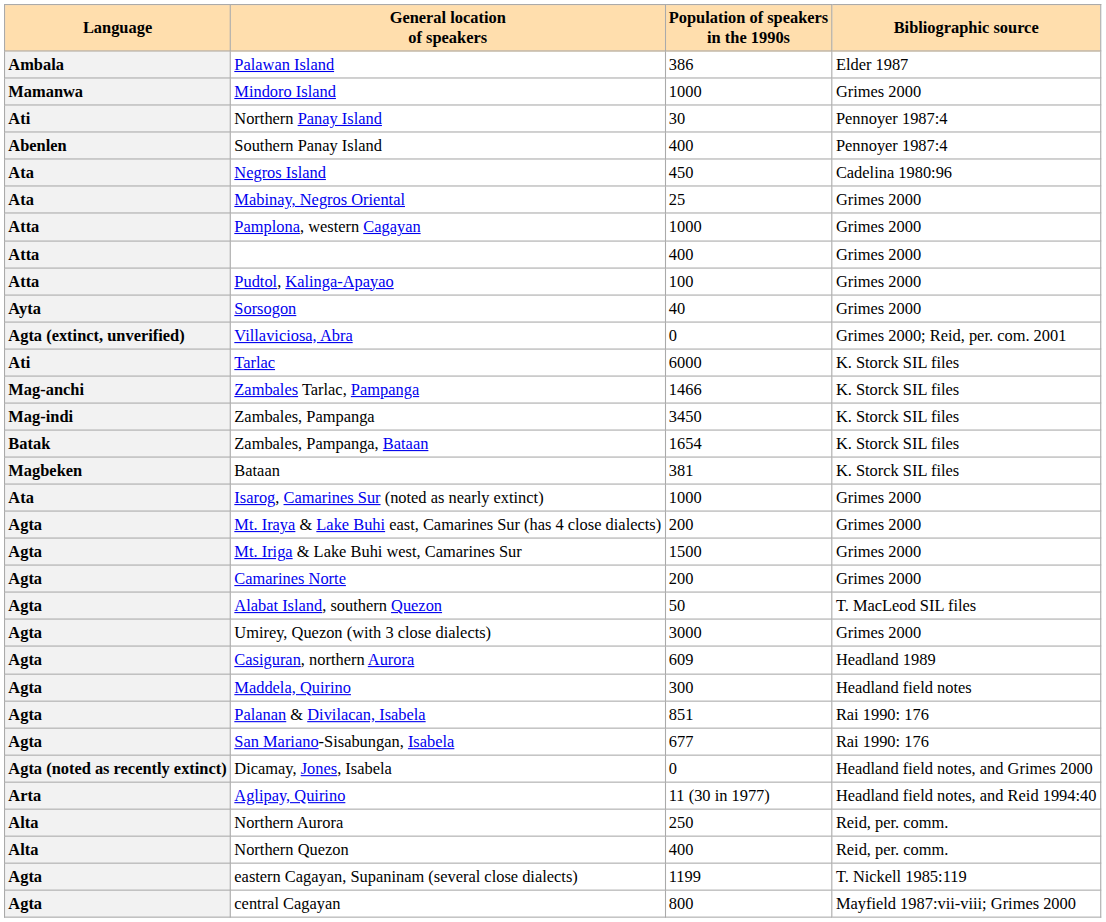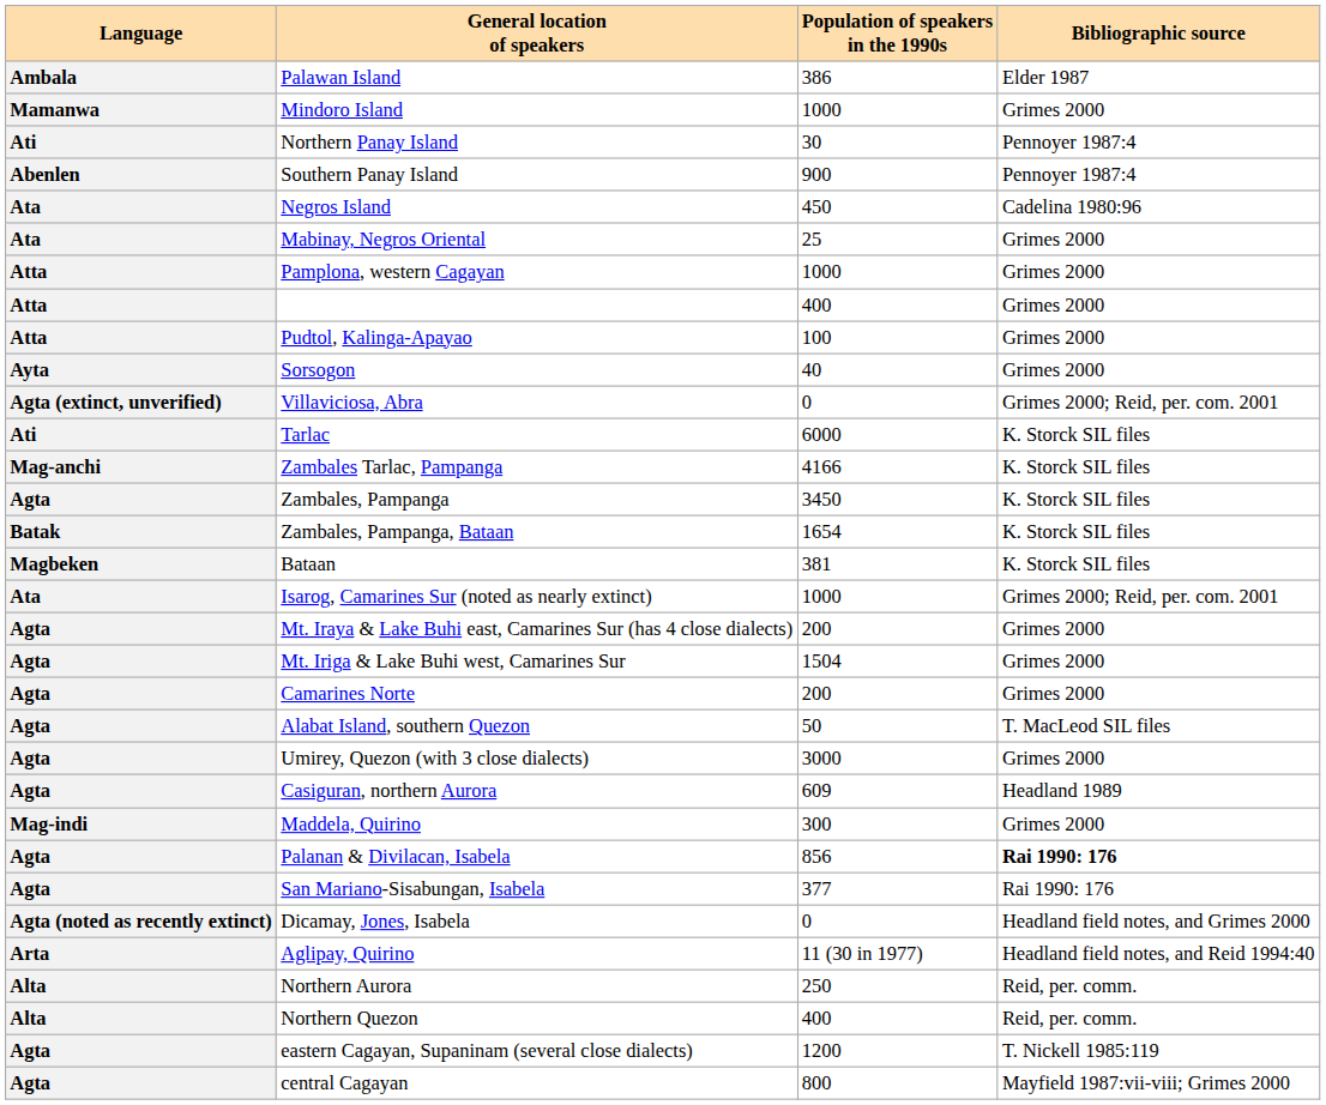 <table class="wikitable" style="font-size:95%;background-color:white;">
 <tr style="background-color:#ffdead;">
 <th scope="col" style="background-color:initial;">Language</th>
 <th scope="col" style="background-color:initial;">General location<br>of speakers</th>
 <th scope="col" style="background-color:initial;">Population of speakers<br>in the 1990s</th>
 <th scope="col" style="background-color:initial;">Bibliographic source</th>
 </tr>
 <tr>
 <th scope="row" style="text-align:left;">Ambala</th>
 <td><a href='#'>Palawan Island</a></td>
 <td>386</td>
 <td>Elder 1987</td>
 </tr>
 <tr>
 <th scope="row" style="text-align:left;">Mamanwa</th>
 <td><a href='#'>Mindoro Island</a></td>
 <td>1000</td>
 <td>Grimes 2000</td>
 </tr>
 <tr>
 <th scope="row" style="text-align:left;">Ati</th>
 <td>Northern <a href='#'>Panay Island</a></td>
 <td>30</td>
 <td>Pennoyer 1987:4</td>
 </tr>
 <tr>
 <th scope="row" style="text-align:left;">Abenlen</th>
 <td>Southern Panay Island</td>
-<td>400</td>
+<td>900</td>
 <td>Pennoyer 1987:4</td>
 </tr>
 <tr>
 <th scope="row" style="text-align:left;">Ata</th>
 <td><a href='#'>Negros Island</a></td>
 <td>450</td>
 <td>Cadelina 1980:96</td>
 </tr>
 <tr>
 <th scope="row" style="text-align:left;">Ata</th>
 <td><a href='#'>Mabinay, Negros Oriental</a></td>
 <td>25</td>
 <td>Grimes 2000</td>
 </tr>
 <tr>
 <th scope="row" style="text-align:left;">Atta</th>
 <td><a href='#'>Pamplona</a>, western <a href='#'>Cagayan</a></td>
 <td>1000</td>
 <td>Grimes 2000</td>
 </tr>
 <tr>
 <th scope="row" style="text-align:left;">Atta</th>
 <td></td>
 <td>400</td>
 <td>Grimes 2000</td>
 </tr>
 <tr>
 <th scope="row" style="text-align:left;">Atta</th>
 <td><a href='#'>Pudtol</a>, <a href='#'>Kalinga-Apayao</a></td>
 <td>100</td>
 <td>Grimes 2000</td>
 </tr>
 <tr>
 <th scope="row" style="text-align:left;">Ayta</th>
 <td><a href='#'>Sorsogon</a></td>
 <td>40</td>
 <td>Grimes 2000</td>
 </tr>
 <tr>
 <th scope="row" style="text-align:left;">Agta (extinct, unverified)</th>
 <td><a href='#'>Villaviciosa, Abra</a></td>
 <td>0</td>
 <td>Grimes 2000; Reid, per. com. 2001</td>
 </tr>
 <tr>
 <th scope="row" style="text-align:left;">Ati</th>
 <td><a href='#'>Tarlac</a></td>
 <td>6000</td>
 <td>K. Storck SIL files</td>
 </tr>
 <tr>
 <th scope="row" style="text-align:left;">Mag-anchi</th>
 <td><a href='#'>Zambales</a> Tarlac, <a href='#'>Pampanga</a></td>
-<td>1466</td>
+<td>4166</td>
 <td>K. Storck SIL files</td>
 </tr>
 <tr>
-<th scope="row" style="text-align:left;">Mag-indi</th>
+<th scope="row" style="text-align:left;">Agta</th>
 <td>Zambales, Pampanga</td>
 <td>3450</td>
 <td>K. Storck SIL files</td>
 </tr>
 <tr>
 <th scope="row" style="text-align:left;">Batak</th>
 <td>Zambales, Pampanga, <a href='#'>Bataan</a></td>
 <td>1654</td>
 <td>K. Storck SIL files</td>
 </tr>
 <tr>
 <th scope="row" style="text-align:left;">Magbeken</th>
 <td>Bataan</td>
 <td>381</td>
 <td>K. Storck SIL files</td>
 </tr>
 <tr>
 <th scope="row" style="text-align:left;">Ata</th>
 <td><a href='#'>Isarog</a>, <a href='#'>Camarines Sur</a> (noted as nearly extinct)</td>
 <td>1000</td>
-<td>Grimes 2000</td>
+<td>Grimes 2000; Reid, per. com. 2001</td>
 </tr>
 <tr>
 <th scope="row" style="text-align:left;">Agta</th>
 <td><a href='#'>Mt. Iraya</a> & <a href='#'>Lake Buhi</a> east, Camarines Sur (has 4 close dialects)</td>
 <td>200</td>
 <td>Grimes 2000</td>
 </tr>
 <tr>
 <th scope="row" style="text-align:left;">Agta</th>
 <td><a href='#'>Mt. Iriga</a> & Lake Buhi west, Camarines Sur</td>
-<td>1500</td>
+<td>1504</td>
 <td>Grimes 2000</td>
 </tr>
 <tr>
 <th scope="row" style="text-align:left;">Agta</th>
 <td><a href='#'>Camarines Norte</a></td>
 <td>200</td>
 <td>Grimes 2000</td>
 </tr>
 <tr>
 <th scope="row" style="text-align:left;">Agta</th>
 <td><a href='#'>Alabat Island</a>, southern <a href='#'>Quezon</a></td>
 <td>50</td>
 <td>T. MacLeod SIL files</td>
 </tr>
 <tr>
 <th scope="row" style="text-align:left;">Agta</th>
 <td>Umirey, Quezon (with 3 close dialects)</td>
 <td>3000</td>
 <td>Grimes 2000</td>
 </tr>
 <tr>
 <th scope="row" style="text-align:left;">Agta</th>
 <td><a href='#'>Casiguran</a>, northern <a href='#'>Aurora</a></td>
 <td>609</td>
 <td>Headland 1989</td>
 </tr>
 <tr>
-<th scope="row" style="text-align:left;">Agta</th>
+<th scope="row" style="text-align:left;">Mag-indi</th>
 <td><a href='#'>Maddela, Quirino</a></td>
 <td>300</td>
-<td>Headland field notes</td>
+<td>Grimes 2000</td>
 </tr>
 <tr>
 <th scope="row" style="text-align:left;">Agta</th>
 <td><a href='#'>Palanan</a> & <a href='#'>Divilacan, Isabela</a></td>
-<td>851</td>
-<td>Rai 1990: 176</td>
+<td>856</td>
+<td><strong>Rai 1990: 176</strong></td>
 </tr>
 <tr>
 <th scope="row" style="text-align:left;">Agta</th>
 <td><a href='#'>San Mariano</a>-Sisabungan, <a href='#'>Isabela</a></td>
-<td>677</td>
+<td>377</td>
 <td>Rai 1990: 176</td>
 </tr>
 <tr>
 <th scope="row" style="text-align:left;">Agta (noted as recently extinct)</th>
 <td>Dicamay, <a href='#'>Jones</a>, Isabela</td>
 <td>0</td>
 <td>Headland field notes, and Grimes 2000</td>
 </tr>
 <tr>
 <th scope="row" style="text-align:left;">Arta</th>
 <td><a href='#'>Aglipay, Quirino</a></td>
 <td>11 (30 in 1977)</td>
 <td>Headland field notes, and Reid 1994:40</td>
 </tr>
 <tr>
 <th scope="row" style="text-align:left;">Alta</th>
 <td>Northern Aurora</td>
 <td>250</td>
 <td>Reid, per. comm.</td>
 </tr>
 <tr>
 <th scope="row" style="text-align:left;">Alta</th>
 <td>Northern Quezon</td>
 <td>400</td>
 <td>Reid, per. comm.</td>
 </tr>
 <tr>
 <th scope="row" style="text-align:left;">Agta</th>
 <td>eastern Cagayan, Supaninam (several close dialects)</td>
-<td>1199</td>
+<td>1200</td>
 <td>T. Nickell 1985:119</td>
 </tr>
 <tr>
 <th scope="row" style="text-align:left;">Agta</th>
 <td>central Cagayan</td>
 <td>800</td>
 <td>Mayfield 1987:vii-viii; Grimes 2000</td>
 </tr>
 </table>
